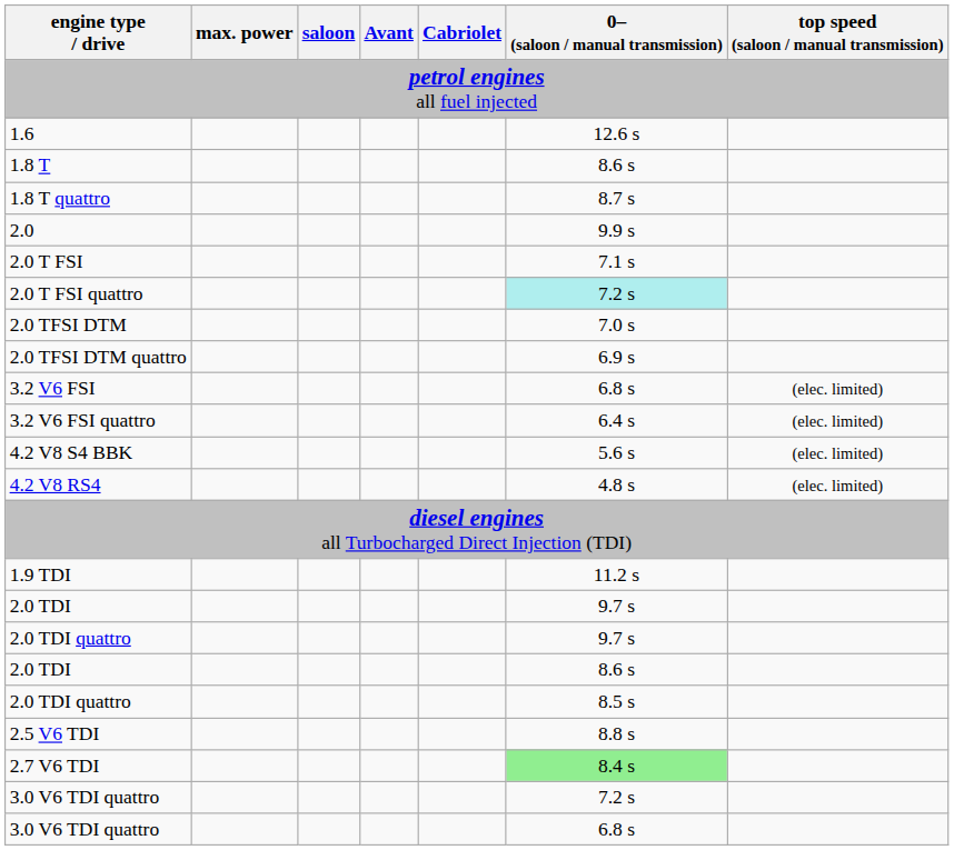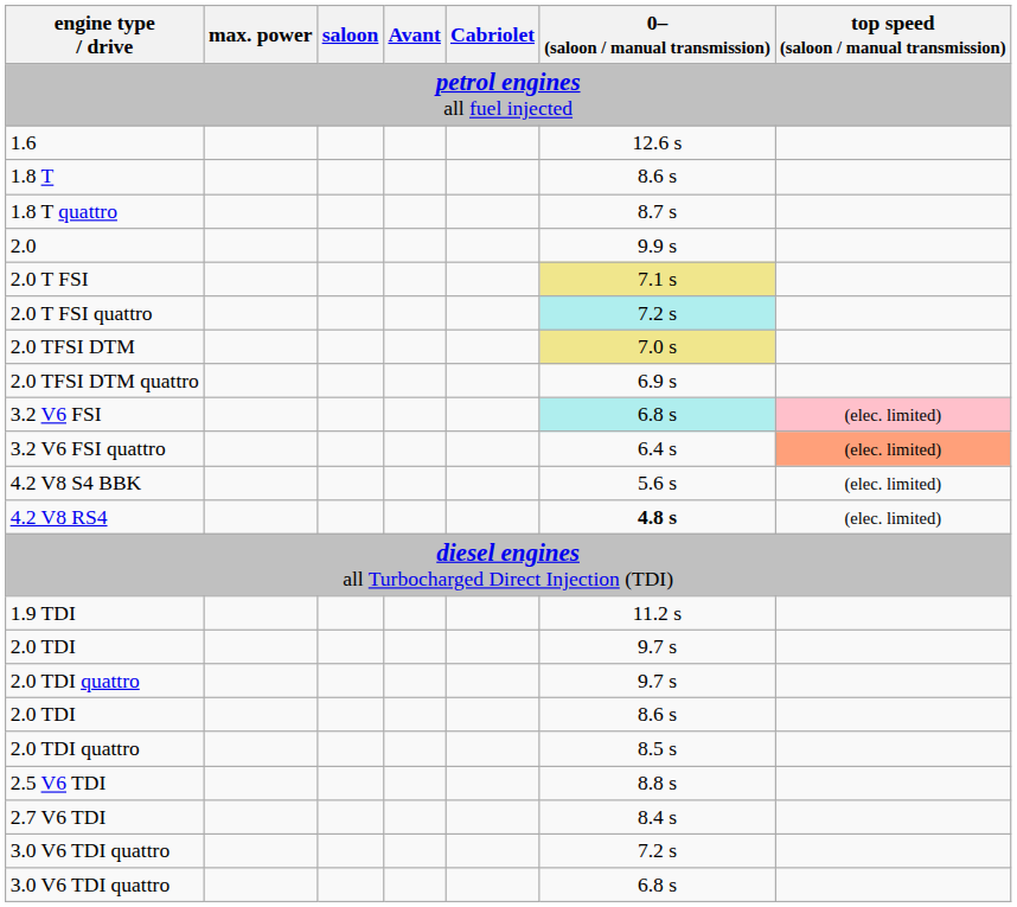 <table class="wikitable sticky-header" style="text-align: center; font-size: 96%">
 <tr>
 <th>engine type<br>/ drive</th>
 <th>max. power</th>
 <th><a href='#'>saloon</a></th>
 <th><a href='#'>Avant</a></th>
 <th><a href='#'>Cabriolet</a></th>
 <th>0–<br><small>(saloon / manual transmission)</small></th>
 <th>top speed<br><small>(saloon / manual transmission)</small></th>
 </tr>
 <tr>
 <td colspan="7" style="text-align:center; background:silver;"><big><strong><em><a href='#'>petrol engines</a></em></strong></big><br>all <a href='#'>fuel injected</a></td>
 </tr>
 <tr>
 <td align="left">1.6</td>
 <td></td>
 <td></td>
 <td></td>
 <td></td>
 <td>12.6 s</td>
 <td></td>
 </tr>
 <tr>
 <td align="left">1.8 <a href='#'>T</a></td>
 <td></td>
 <td></td>
 <td></td>
 <td></td>
 <td>8.6 s</td>
 <td></td>
 </tr>
 <tr>
 <td align="left">1.8 T <a href='#'>quattro</a></td>
 <td></td>
 <td></td>
 <td></td>
 <td></td>
 <td>8.7 s</td>
 <td></td>
 </tr>
 <tr>
 <td align="left">2.0</td>
 <td></td>
 <td></td>
 <td></td>
 <td></td>
 <td>9.9 s</td>
 <td></td>
 </tr>
 <tr>
 <td align="left">2.0 T FSI </td>
 <td></td>
 <td></td>
 <td></td>
 <td></td>
-<td>7.1 s</td>
+<td style="background: khaki;">7.1 s</td>
 <td></td>
 </tr>
 <tr>
 <td align="left">2.0 T FSI quattro </td>
 <td></td>
 <td></td>
 <td></td>
 <td></td>
 <td style="background: paleturquoise;">7.2 s</td>
 <td></td>
 </tr>
 <tr>
 <td align="left">2.0 TFSI DTM </td>
 <td></td>
 <td></td>
 <td></td>
 <td></td>
-<td>7.0 s</td>
+<td style="background: khaki;">7.0 s</td>
 <td></td>
 </tr>
 <tr>
 <td align="left">2.0 TFSI DTM quattro </td>
 <td></td>
 <td></td>
 <td></td>
 <td></td>
 <td>6.9 s</td>
 <td></td>
 </tr>
 <tr>
 <td align="left">3.2 <a href='#'>V6</a> FSI</td>
 <td></td>
 <td></td>
 <td></td>
 <td></td>
-<td>6.8 s</td>
-<td> <small>(elec. limited)</small></td>
+<td style="background: paleturquoise;">6.8 s</td>
+<td style="background: pink;"> <small>(elec. limited)</small></td>
 </tr>
 <tr>
 <td align="left">3.2 V6 FSI quattro</td>
 <td></td>
 <td></td>
 <td></td>
 <td></td>
 <td>6.4 s</td>
-<td> <small>(elec. limited)</small></td>
+<td style="background: lightsalmon;"> <small>(elec. limited)</small></td>
 </tr>
 <tr>
 <td align="left">4.2 V8 S4 BBK</td>
 <td></td>
 <td></td>
 <td></td>
 <td></td>
 <td>5.6 s</td>
 <td> <small>(elec. limited)</small></td>
 </tr>
 <tr>
 <td align="left"><a href='#'>4.2 V8 RS4</a></td>
 <td></td>
 <td></td>
 <td></td>
 <td></td>
-<td>4.8 s</td>
+<td><strong>4.8 s</strong></td>
 <td> <small>(elec. limited)</small></td>
 </tr>
 <tr>
 <td colspan="7" style="text-align:center; background:silver;"><big><strong><em><a href='#'>diesel engines</a></em></strong></big><br>all <a href='#'>Turbocharged Direct Injection</a> (TDI)</td>
 </tr>
 <tr>
 <td align="left">1.9 TDI</td>
 <td></td>
 <td></td>
 <td></td>
 <td></td>
 <td>11.2 s</td>
 <td></td>
 </tr>
 <tr>
 <td align="left">2.0 TDI </td>
 <td></td>
 <td></td>
 <td></td>
 <td></td>
 <td>9.7 s</td>
 <td></td>
 </tr>
 <tr>
 <td align="left">2.0 TDI <a href='#'>quattro</a></td>
 <td></td>
 <td></td>
 <td></td>
 <td></td>
 <td>9.7 s</td>
 <td></td>
 </tr>
 <tr>
 <td align="left">2.0 TDI</td>
 <td></td>
 <td></td>
 <td></td>
 <td></td>
 <td>8.6 s</td>
 <td></td>
 </tr>
 <tr>
 <td align="left">2.0 TDI quattro</td>
 <td></td>
 <td></td>
 <td></td>
 <td></td>
 <td>8.5 s</td>
 <td></td>
 </tr>
 <tr>
 <td align="left">2.5 <a href='#'>V6</a> TDI </td>
 <td></td>
 <td></td>
 <td></td>
 <td></td>
 <td>8.8 s</td>
 <td></td>
 </tr>
 <tr>
 <td align="left">2.7 V6 TDI </td>
 <td></td>
 <td></td>
 <td></td>
 <td></td>
-<td style="background: lightgreen;">8.4 s</td>
+<td>8.4 s</td>
 <td></td>
 </tr>
 <tr>
 <td align="left">3.0 V6 TDI quattro </td>
 <td></td>
 <td></td>
 <td></td>
 <td></td>
 <td>7.2 s</td>
 <td></td>
 </tr>
 <tr>
 <td align="left">3.0 V6 TDI quattro </td>
 <td></td>
 <td></td>
 <td></td>
 <td></td>
 <td>6.8 s</td>
 <td></td>
 </tr>
 </table>
